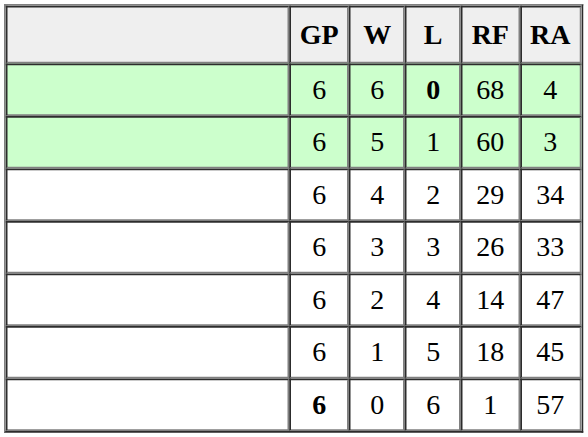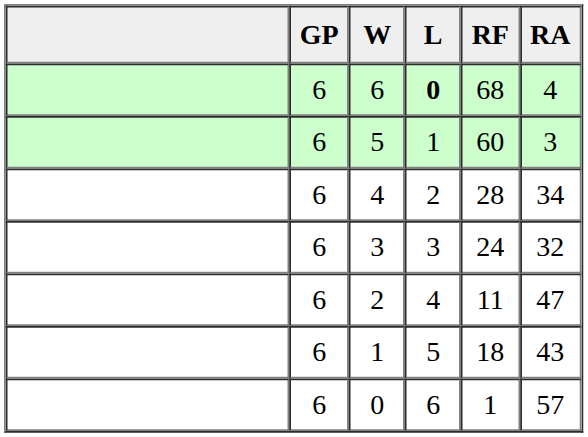 <table border=1 cellpadding=5 cellspacing=0>
 <tr>
 <th bgcolor="#efefef" width="150">　</th>
 <th bgcolor="#efefef" width="20">GP</th>
 <th bgcolor="#efefef" width="20">W</th>
 <th bgcolor="#efefef" width="20">L</th>
 <th bgcolor="#efefef" width="20">RF</th>
 <th bgcolor="#efefef" width="20">RA</th>
 </tr>
 <tr align=center bgcolor="#ccffcc">
 <td align=left></td>
 <td>6</td>
 <td>6</td>
 <td><strong>0</strong></td>
 <td>68</td>
 <td>4</td>
 </tr>
 <tr align=center bgcolor="#ccffcc">
 <td align=left></td>
 <td>6</td>
 <td>5</td>
 <td>1</td>
 <td>60</td>
 <td>3</td>
 </tr>
 <tr align=center bgcolor="#ffffff">
 <td align=left></td>
 <td>6</td>
 <td>4</td>
 <td>2</td>
-<td>29</td>
+<td>28</td>
 <td>34</td>
 </tr>
 <tr align=center bgcolor="#ffffff">
 <td align=left></td>
 <td>6</td>
 <td>3</td>
 <td>3</td>
-<td>26</td>
-<td>33</td>
+<td>24</td>
+<td>32</td>
 </tr>
 <tr align=center bgcolor="#ffffff">
 <td align=left></td>
 <td>6</td>
 <td>2</td>
 <td>4</td>
-<td>14</td>
+<td>11</td>
 <td>47</td>
 </tr>
 <tr align=center bgcolor="#ffffff">
 <td align=left></td>
 <td>6</td>
 <td>1</td>
 <td>5</td>
 <td>18</td>
-<td>45</td>
+<td>43</td>
 </tr>
 <tr align=center bgcolor="#ffffff">
 <td align=left></td>
-<td><strong>6</strong></td>
+<td>6</td>
 <td>0</td>
 <td>6</td>
 <td>1</td>
 <td>57</td>
 </tr>
 </table>
